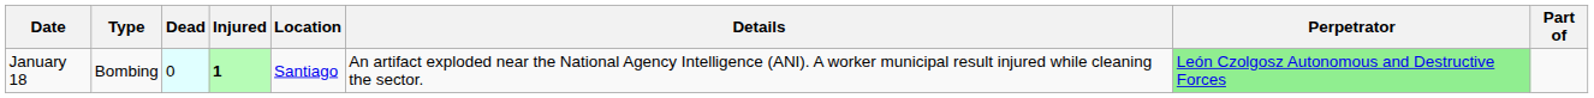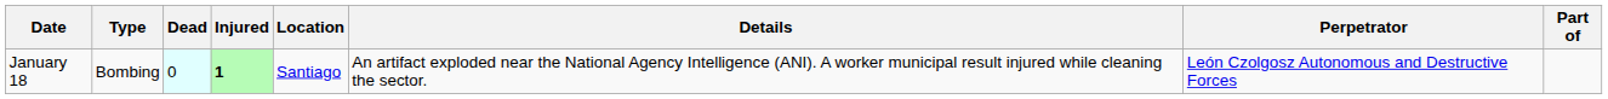 <table class="wikitable" border="1">
 <tr>
 <th>Date</th>
 <th>Type</th>
 <th data-sort-type="number">Dead</th>
 <th data-sort-type="number">Injured</th>
 <th>Location</th>
 <th class="unsortable">Details</th>
 <th>Perpetrator</th>
 <th>Part of<br></th>
 </tr>
 <tr>
 <td>January 18</td>
 <td>Bombing</td>
 <td style="background:#E0FFFF;text-align:left">0</td>
 <td style="background:#B6FCB6;text-align:left"><strong>1</strong></td>
 <td><a href='#'>Santiago</a></td>
 <td>An artifact exploded near the National Agency Intelligence (ANI). A worker municipal result injured while cleaning the sector.</td>
-<td style="background: lightgreen;"><a href='#'>León Czolgosz Autonomous and Destructive Forces</a></td>
+<td><a href='#'>León Czolgosz Autonomous and Destructive Forces</a></td>
 </tr>
 </table>
